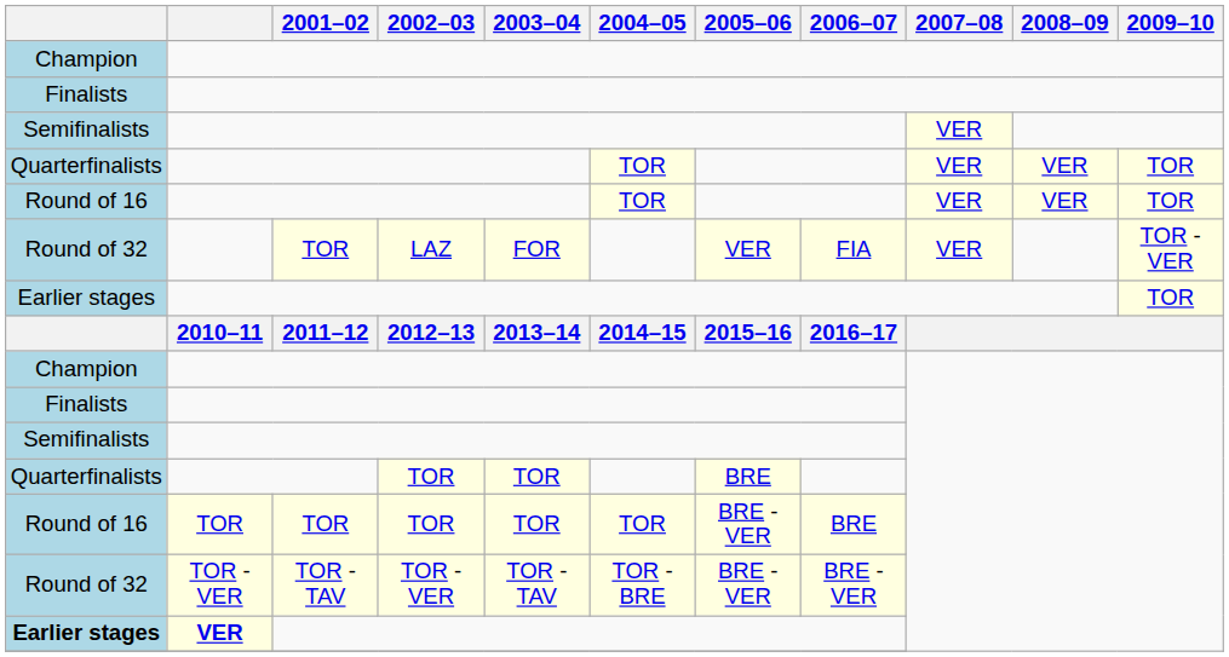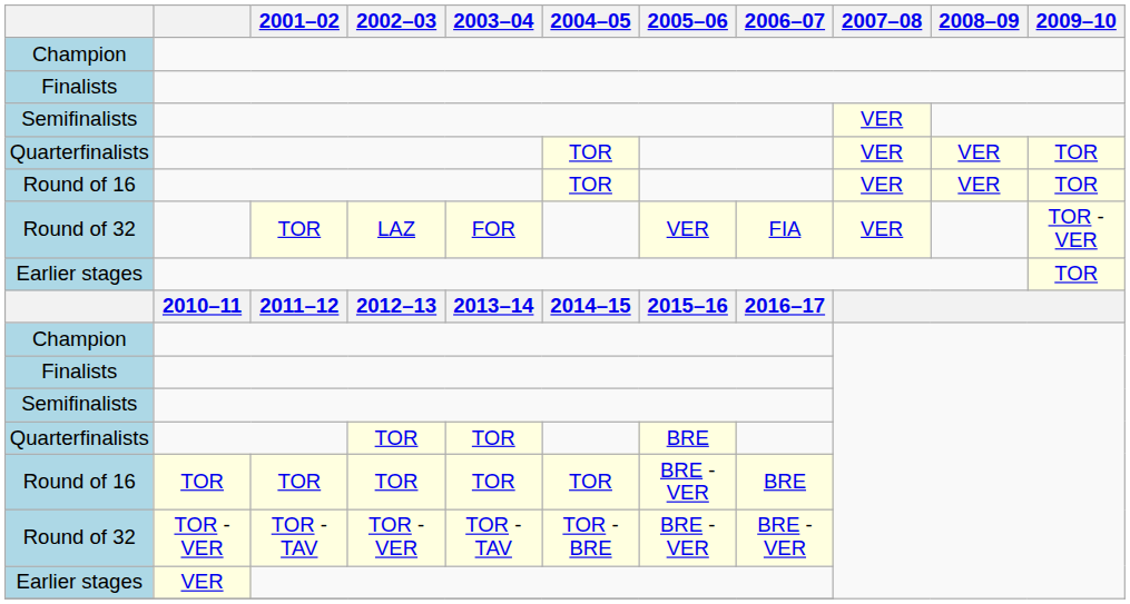 <table class="wikitable">
 <tr>
 <th></th>
 <th width=100px></th>
 <th width=100px><a href='#'>2001–02</a></th>
 <th width=100px><a href='#'>2002–03</a></th>
 <th width=100px><a href='#'>2003–04</a></th>
 <th width=100px><a href='#'>2004–05</a></th>
 <th width=100px><a href='#'>2005–06</a></th>
 <th width=100px><a href='#'>2006–07</a></th>
 <th width=100px><a href='#'>2007–08</a></th>
 <th width=100px><a href='#'>2008–09</a></th>
 <th width=100px><a href='#'>2009–10</a></th>
 </tr>
 <tr align=center>
 <td bgcolor=lightblue>Champion</td>
 <td colspan=10></td>
 </tr>
 <tr align=center>
 <td bgcolor=lightblue>Finalists</td>
 <td colspan=10></td>
 </tr>
 <tr align=center>
 <td bgcolor=lightblue>Semifinalists</td>
 <td colspan=7></td>
 <td bgcolor=lightyellow><a href='#'>VER</a></td>
 <td colspan=2></td>
 </tr>
 <tr align=center>
 <td bgcolor=lightblue>Quarterfinalists</td>
 <td colspan=4></td>
 <td bgcolor=lightyellow><a href='#'>TOR</a></td>
 <td colspan=2></td>
 <td bgcolor=lightyellow><a href='#'>VER</a></td>
 <td bgcolor=lightyellow><a href='#'>VER</a></td>
 <td bgcolor=lightyellow><a href='#'>TOR</a></td>
 </tr>
 <tr align=center>
 <td bgcolor=lightblue>Round of 16</td>
 <td colspan=4></td>
 <td bgcolor=lightyellow><a href='#'>TOR</a></td>
 <td colspan=2></td>
 <td bgcolor=lightyellow><a href='#'>VER</a></td>
 <td bgcolor=lightyellow><a href='#'>VER</a></td>
 <td bgcolor=lightyellow><a href='#'>TOR</a></td>
 </tr>
 <tr align=center>
 <td bgcolor=lightblue>Round of 32</td>
 <td></td>
 <td bgcolor=lightyellow><a href='#'>TOR</a></td>
 <td bgcolor=lightyellow><a href='#'>LAZ</a></td>
 <td bgcolor=lightyellow><a href='#'>FOR</a></td>
 <td></td>
 <td bgcolor=lightyellow><a href='#'>VER</a></td>
 <td bgcolor=lightyellow><a href='#'>FIA</a></td>
 <td bgcolor=lightyellow><a href='#'>VER</a></td>
 <td></td>
 <td bgcolor=lightyellow><a href='#'>TOR</a> - <a href='#'>VER</a></td>
 </tr>
 <tr align=center>
 <td bgcolor=lightblue>Earlier stages</td>
 <td colspan=9></td>
 <td bgcolor=lightyellow><a href='#'>TOR</a></td>
 </tr>
 <tr>
 <th></th>
 <th width=100px><a href='#'>2010–11</a></th>
 <th width=100px><a href='#'>2011–12</a></th>
 <th width=100px><a href='#'>2012–13</a></th>
 <th width=100px><a href='#'>2013–14</a></th>
 <th width=100px><a href='#'>2014–15</a></th>
 <th width=100px><a href='#'>2015–16</a></th>
 <th width=100px><a href='#'>2016–17</a></th>
 <th colspan=3></th>
 </tr>
 <tr align=center>
 <td bgcolor=lightblue>Champion</td>
 <td colspan=7></td>
 </tr>
 <tr align=center>
 <td bgcolor=lightblue>Finalists</td>
 <td colspan=7></td>
 </tr>
 <tr align=center>
 <td bgcolor=lightblue>Semifinalists</td>
 <td colspan=7></td>
 </tr>
 <tr align=center>
 <td bgcolor=lightblue>Quarterfinalists</td>
 <td colspan=2></td>
 <td bgcolor=lightyellow><a href='#'>TOR</a></td>
 <td bgcolor=lightyellow><a href='#'>TOR</a></td>
 <td></td>
 <td bgcolor=lightyellow><a href='#'>BRE</a></td>
 <td></td>
 </tr>
 <tr align=center>
 <td bgcolor=lightblue>Round of 16</td>
 <td bgcolor=lightyellow><a href='#'>TOR</a></td>
 <td bgcolor=lightyellow><a href='#'>TOR</a></td>
 <td bgcolor=lightyellow><a href='#'>TOR</a></td>
 <td bgcolor=lightyellow><a href='#'>TOR</a></td>
 <td bgcolor=lightyellow><a href='#'>TOR</a></td>
 <td bgcolor=lightyellow><a href='#'>BRE</a> - <a href='#'>VER</a></td>
 <td bgcolor=lightyellow><a href='#'>BRE</a></td>
 </tr>
 <tr align=center>
 <td bgcolor=lightblue>Round of 32</td>
 <td bgcolor=lightyellow><a href='#'>TOR</a> - <a href='#'>VER</a></td>
 <td bgcolor=lightyellow><a href='#'>TOR</a> - <a href='#'>TAV</a></td>
 <td bgcolor=lightyellow><a href='#'>TOR</a> - <a href='#'>VER</a></td>
 <td bgcolor=lightyellow><a href='#'>TOR</a> - <a href='#'>TAV</a></td>
 <td bgcolor=lightyellow><a href='#'>TOR</a> - <a href='#'>BRE</a></td>
 <td bgcolor=lightyellow><a href='#'>BRE</a> - <a href='#'>VER</a></td>
 <td bgcolor=lightyellow><a href='#'>BRE</a> - <a href='#'>VER</a></td>
 </tr>
 <tr align=center>
-<td bgcolor=lightblue><strong>Earlier stages</strong></td>
-<td bgcolor=lightyellow><strong><a href='#'>VER</a></strong></td>
+<td bgcolor=lightblue>Earlier stages</td>
+<td bgcolor=lightyellow><a href='#'>VER</a></td>
 <td colspan=6></td>
 </tr>
 <tr>
 </tr>
 </table>
